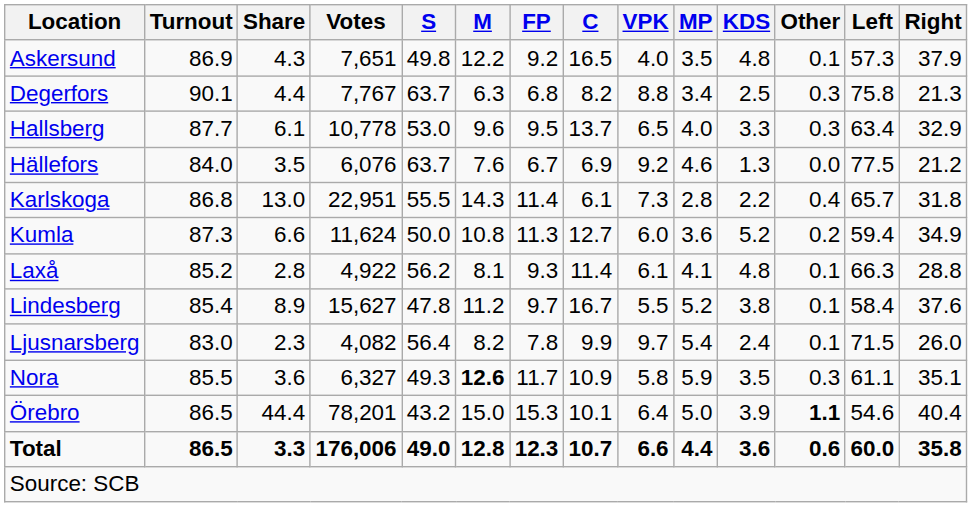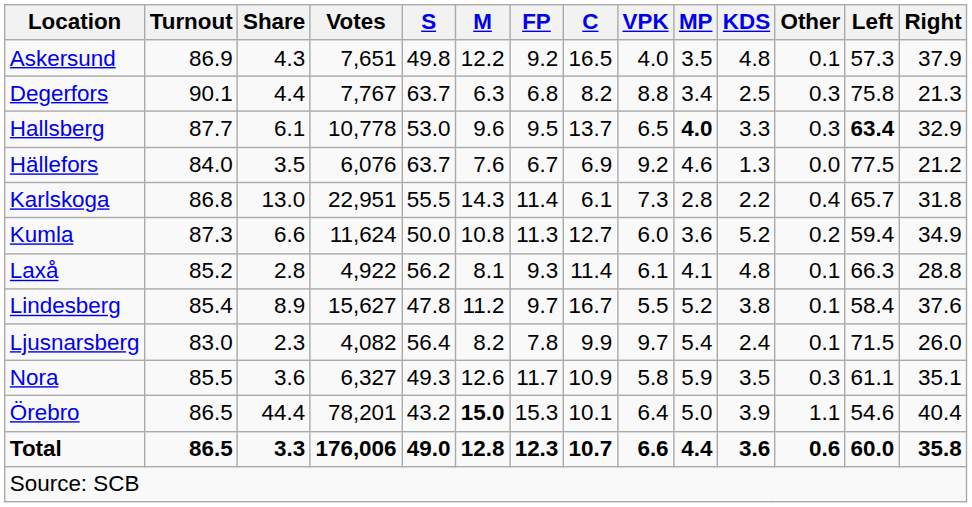 <table class="wikitable sortable" style=text-align:right>
 <tr>
 <th>Location</th>
 <th>Turnout</th>
 <th>Share</th>
 <th>Votes</th>
 <th><a href='#'>S</a></th>
 <th><a href='#'>M</a></th>
 <th><a href='#'>FP</a></th>
 <th><a href='#'>C</a></th>
 <th><a href='#'>VPK</a></th>
 <th><a href='#'>MP</a></th>
 <th><a href='#'>KDS</a></th>
 <th>Other</th>
 <th>Left</th>
 <th>Right</th>
 </tr>
 <tr>
 <td align=left><a href='#'>Askersund</a></td>
 <td>86.9</td>
 <td>4.3</td>
 <td>7,651</td>
 <td>49.8</td>
 <td>12.2</td>
 <td>9.2</td>
 <td>16.5</td>
 <td>4.0</td>
 <td>3.5</td>
 <td>4.8</td>
 <td>0.1</td>
 <td>57.3</td>
 <td>37.9</td>
 </tr>
 <tr>
 <td align=left><a href='#'>Degerfors</a></td>
 <td>90.1</td>
 <td>4.4</td>
 <td>7,767</td>
 <td>63.7</td>
 <td>6.3</td>
 <td>6.8</td>
 <td>8.2</td>
 <td>8.8</td>
 <td>3.4</td>
 <td>2.5</td>
 <td>0.3</td>
 <td>75.8</td>
 <td>21.3</td>
 </tr>
 <tr>
 <td align=left><a href='#'>Hallsberg</a></td>
 <td>87.7</td>
 <td>6.1</td>
 <td>10,778</td>
 <td>53.0</td>
 <td>9.6</td>
 <td>9.5</td>
 <td>13.7</td>
 <td>6.5</td>
-<td>4.0</td>
+<td><strong>4.0</strong></td>
 <td>3.3</td>
 <td>0.3</td>
-<td>63.4</td>
+<td><strong>63.4</strong></td>
 <td>32.9</td>
 </tr>
 <tr>
 <td align=left><a href='#'>Hällefors</a></td>
 <td>84.0</td>
 <td>3.5</td>
 <td>6,076</td>
 <td>63.7</td>
 <td>7.6</td>
 <td>6.7</td>
 <td>6.9</td>
 <td>9.2</td>
 <td>4.6</td>
 <td>1.3</td>
 <td>0.0</td>
 <td>77.5</td>
 <td>21.2</td>
 </tr>
 <tr>
 <td align=left><a href='#'>Karlskoga</a></td>
 <td>86.8</td>
 <td>13.0</td>
 <td>22,951</td>
 <td>55.5</td>
 <td>14.3</td>
 <td>11.4</td>
 <td>6.1</td>
 <td>7.3</td>
 <td>2.8</td>
 <td>2.2</td>
 <td>0.4</td>
 <td>65.7</td>
 <td>31.8</td>
 </tr>
 <tr>
 <td align=left><a href='#'>Kumla</a></td>
 <td>87.3</td>
 <td>6.6</td>
 <td>11,624</td>
 <td>50.0</td>
 <td>10.8</td>
 <td>11.3</td>
 <td>12.7</td>
 <td>6.0</td>
 <td>3.6</td>
 <td>5.2</td>
 <td>0.2</td>
 <td>59.4</td>
 <td>34.9</td>
 </tr>
 <tr>
 <td align=left><a href='#'>Laxå</a></td>
 <td>85.2</td>
 <td>2.8</td>
 <td>4,922</td>
 <td>56.2</td>
 <td>8.1</td>
 <td>9.3</td>
 <td>11.4</td>
 <td>6.1</td>
 <td>4.1</td>
 <td>4.8</td>
 <td>0.1</td>
 <td>66.3</td>
 <td>28.8</td>
 </tr>
 <tr>
 <td align=left><a href='#'>Lindesberg</a></td>
 <td>85.4</td>
 <td>8.9</td>
 <td>15,627</td>
 <td>47.8</td>
 <td>11.2</td>
 <td>9.7</td>
 <td>16.7</td>
 <td>5.5</td>
 <td>5.2</td>
 <td>3.8</td>
 <td>0.1</td>
 <td>58.4</td>
 <td>37.6</td>
 </tr>
 <tr>
 <td align=left><a href='#'>Ljusnarsberg</a></td>
 <td>83.0</td>
 <td>2.3</td>
 <td>4,082</td>
 <td>56.4</td>
 <td>8.2</td>
 <td>7.8</td>
 <td>9.9</td>
 <td>9.7</td>
 <td>5.4</td>
 <td>2.4</td>
 <td>0.1</td>
 <td>71.5</td>
 <td>26.0</td>
 </tr>
 <tr>
 <td align=left><a href='#'>Nora</a></td>
 <td>85.5</td>
 <td>3.6</td>
 <td>6,327</td>
 <td>49.3</td>
-<td><strong>12.6</strong></td>
+<td>12.6</td>
 <td>11.7</td>
 <td>10.9</td>
 <td>5.8</td>
 <td>5.9</td>
 <td>3.5</td>
 <td>0.3</td>
 <td>61.1</td>
 <td>35.1</td>
 </tr>
 <tr>
 <td align=left><a href='#'>Örebro</a></td>
 <td>86.5</td>
 <td>44.4</td>
 <td>78,201</td>
 <td>43.2</td>
-<td>15.0</td>
+<td><strong>15.0</strong></td>
 <td>15.3</td>
 <td>10.1</td>
 <td>6.4</td>
 <td>5.0</td>
 <td>3.9</td>
-<td><strong>1.1</strong></td>
+<td>1.1</td>
 <td>54.6</td>
 <td>40.4</td>
 </tr>
 <tr>
 <td align=left><strong>Total</strong></td>
 <td><strong>86.5</strong></td>
 <td><strong>3.3</strong></td>
 <td><strong>176,006</strong></td>
 <td><strong>49.0</strong></td>
 <td><strong>12.8</strong></td>
 <td><strong>12.3</strong></td>
 <td><strong>10.7</strong></td>
 <td><strong>6.6</strong></td>
 <td><strong>4.4</strong></td>
 <td><strong>3.6</strong></td>
 <td><strong>0.6</strong></td>
 <td><strong>60.0</strong></td>
 <td><strong>35.8</strong></td>
 </tr>
 <tr>
 <td align=left colspan=14>Source: SCB </td>
 </tr>
 </table>
